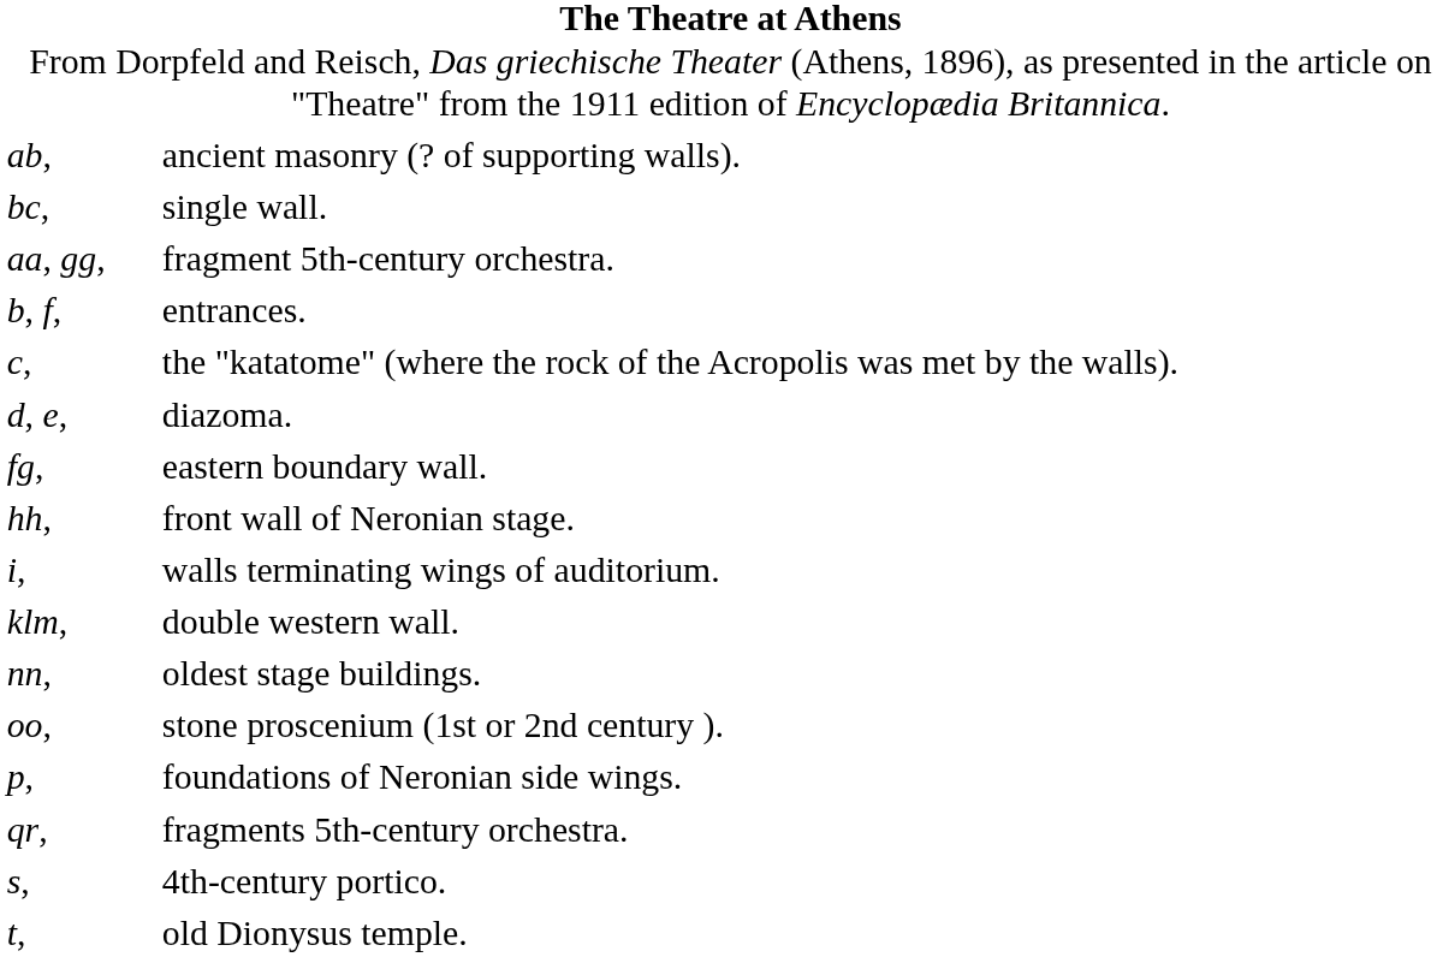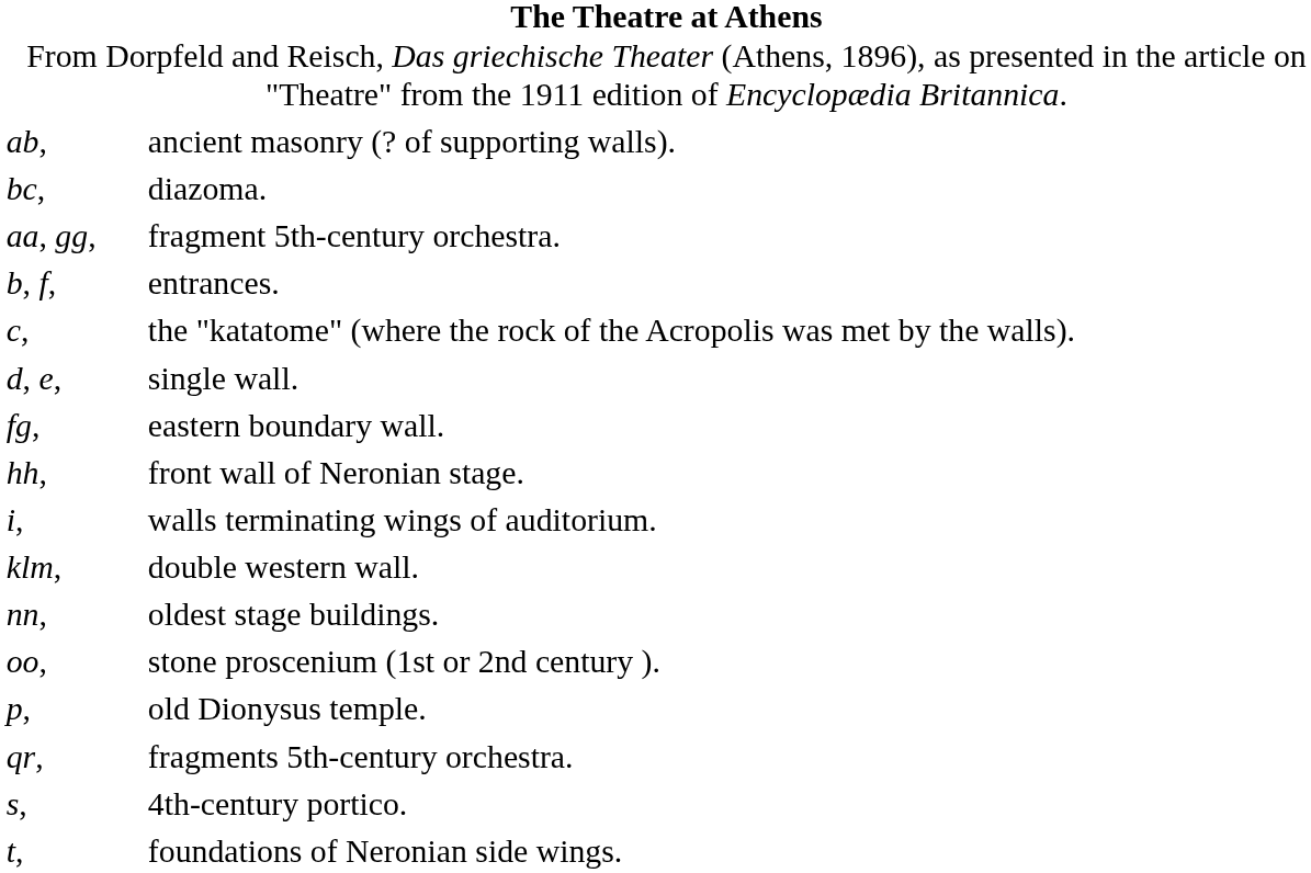 <table align="center" style="font-size:95%">
 <tr>
 <td rowspan="17" valign="top"></td>
 <td colspan="2" style="text-align: center;"><strong>The Theatre at Athens</strong><br>From Dorpfeld and Reisch, <em>Das griechische Theater</em> (Athens, 1896), as presented in the article on "Theatre" from the 1911 edition of <em>Encyclopædia Britannica</em>.</td>
 </tr>
 <tr>
 <td><em>ab</em>,</td>
 <td>ancient masonry (? of supporting walls).</td>
 </tr>
 <tr>
 <td><em>bc</em>,</td>
-<td>single wall.</td>
+<td>diazoma.</td>
 </tr>
 <tr>
 <td><em>aa</em>, <em>gg</em>,</td>
 <td>fragment 5th-century orchestra.</td>
 </tr>
 <tr>
 <td><em>b</em>, <em>f</em>,</td>
 <td>entrances.</td>
 </tr>
 <tr>
 <td><em>c</em>,</td>
 <td>the "katatome" (where the rock of the Acropolis was met by the walls).</td>
 </tr>
 <tr>
 <td><em>d</em>, <em>e</em>,</td>
-<td>diazoma.</td>
+<td>single wall.</td>
 </tr>
 <tr>
 <td><em>fg</em>,</td>
 <td>eastern boundary wall.</td>
 </tr>
 <tr>
 <td><em>hh</em>,</td>
 <td>front wall of Neronian stage.</td>
 </tr>
 <tr>
 <td><em>i</em>,</td>
 <td>walls terminating wings of auditorium.</td>
 </tr>
 <tr>
 <td><em>klm</em>,</td>
 <td>double western wall.</td>
 </tr>
 <tr>
 <td><em>nn</em>,</td>
 <td>oldest stage buildings.</td>
 </tr>
 <tr>
 <td><em>oo</em>,</td>
 <td>stone proscenium (1st or 2nd century ).</td>
 </tr>
 <tr>
 <td><em>p</em>,</td>
-<td>foundations of Neronian side wings.</td>
+<td>old Dionysus temple.</td>
 </tr>
 <tr>
 <td><em>qr</em>,</td>
 <td>fragments 5th-century orchestra.</td>
 </tr>
 <tr>
 <td><em>s</em>,</td>
 <td>4th-century portico.</td>
 </tr>
 <tr>
 <td><em>t</em>,</td>
-<td>old Dionysus temple.</td>
+<td>foundations of Neronian side wings.</td>
 </tr>
 </table>
